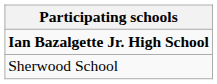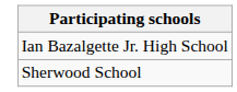 <table class="wikitable" align=right>
 <tr>
 <th>Participating schools</th>
 </tr>
 <tr>
-<td><strong>Ian Bazalgette Jr. High School</strong></td>
+<td>Ian Bazalgette Jr. High School</td>
 </tr>
 <tr>
 <td>Sherwood School</td>
 </tr>
 </table>
